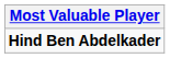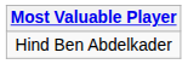 <table class=wikitable style="text-align:center; margin:auto">
 <tr>
 <th><a href='#'>Most Valuable Player</a></th>
 </tr>
 <tr>
-<td><strong> Hind Ben Abdelkader</strong></td>
+<td> Hind Ben Abdelkader</td>
 </tr>
 </table>
